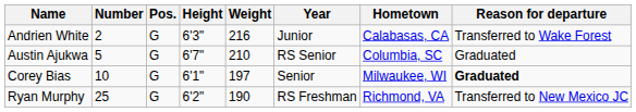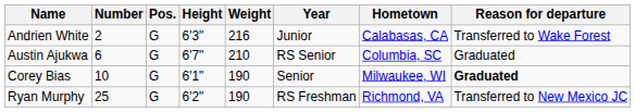 <table class="wikitable sortable" border="1">
 <tr>
 <th>Name</th>
 <th>Number</th>
 <th>Pos.</th>
 <th>Height</th>
 <th>Weight</th>
 <th>Year</th>
 <th>Hometown</th>
 <th>Reason for departure</th>
 </tr>
 <tr>
 <td>Andrien White</td>
 <td>2</td>
 <td>G</td>
 <td>6'3"</td>
 <td>216</td>
 <td>Junior</td>
 <td><a href='#'>Calabasas, CA</a></td>
 <td>Transferred to <a href='#'>Wake Forest</a></td>
 </tr>
 <tr>
 <td>Austin Ajukwa</td>
-<td>5</td>
+<td>6</td>
 <td>G</td>
 <td>6'7"</td>
 <td>210</td>
 <td>RS Senior</td>
 <td><a href='#'>Columbia, SC</a></td>
 <td>Graduated</td>
 </tr>
 <tr>
 <td>Corey Bias</td>
 <td>10</td>
 <td>G</td>
 <td>6'1"</td>
-<td>197</td>
+<td>190</td>
 <td>Senior</td>
 <td><a href='#'>Milwaukee, WI</a></td>
 <td><strong>Graduated</strong></td>
 </tr>
 <tr>
 <td>Ryan Murphy</td>
 <td>25</td>
 <td>G</td>
 <td>6'2"</td>
 <td>190</td>
 <td>RS Freshman</td>
 <td><a href='#'>Richmond, VA</a></td>
 <td>Transferred to <a href='#'>New Mexico JC</a></td>
 </tr>
 </table>
